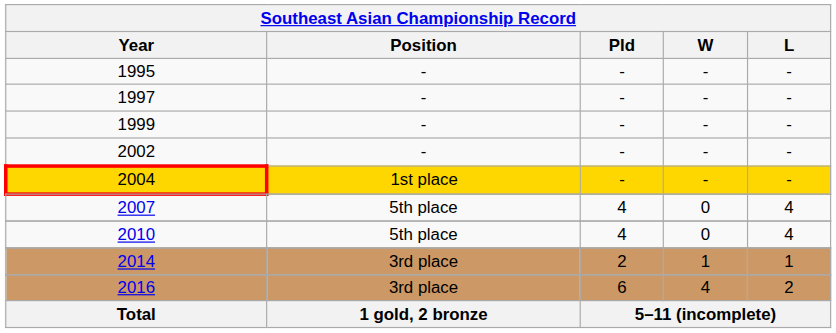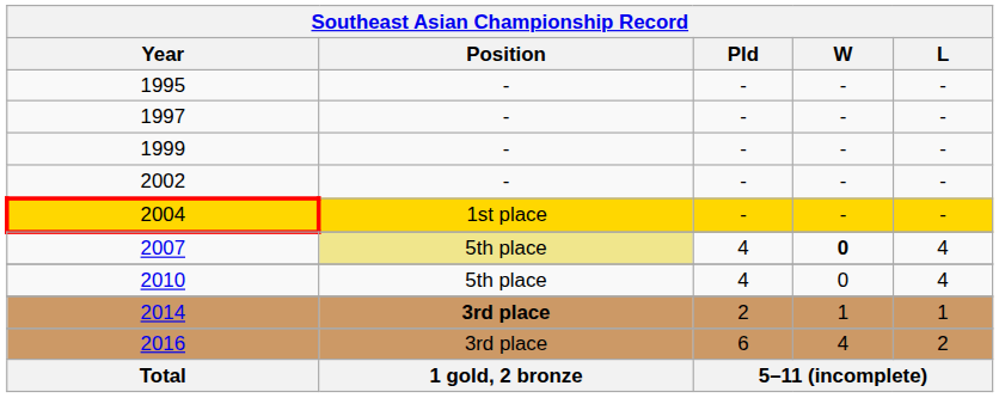 <table class="wikitable collapsible autocollapse" width=80% style="text-align: center;font-size:90%;">
 <tr>
 <th colspan=9><a href='#'>Southeast Asian Championship Record</a></th>
 </tr>
 <tr>
 <th width=25%>Year</th>
 <th width=30%>Position</th>
 <th width=8%>Pld</th>
 <th width=8%>W</th>
 <th width=8%>L</th>
 </tr>
 <tr>
 <td> 1995</td>
 <td>-</td>
 <td>-</td>
 <td>-</td>
 <td>-</td>
 </tr>
 <tr>
 <td> 1997</td>
 <td>-</td>
 <td>-</td>
 <td>-</td>
 <td>-</td>
 </tr>
 <tr>
 <td> 1999</td>
 <td>-</td>
 <td>-</td>
 <td>-</td>
 <td>-</td>
 </tr>
 <tr>
 <td> 2002</td>
 <td>-</td>
 <td>-</td>
 <td>-</td>
 <td>-</td>
 </tr>
 <tr bgcolor=gold>
 <td style="border: 3px solid red"> 2004</td>
 <td>1st place</td>
 <td>-</td>
 <td>-</td>
 <td>-</td>
 </tr>
 <tr>
 </tr>
 <tr>
 <td> <a href='#'>2007</a></td>
-<td>5th place</td>
+<td style="background: khaki;">5th place</td>
 <td>4</td>
-<td>0</td>
+<td><strong>0</strong></td>
 <td>4</td>
 </tr>
 <tr>
 </tr>
 <tr>
 <td> <a href='#'>2010</a></td>
 <td>5th place</td>
 <td>4</td>
 <td>0</td>
 <td>4</td>
 </tr>
 <tr>
 </tr>
 <tr bgcolor=CC9966>
 <td> <a href='#'>2014</a></td>
-<td>3rd place</td>
+<td><strong>3rd place</strong></td>
 <td>2</td>
 <td>1</td>
 <td>1</td>
 </tr>
 <tr>
 </tr>
 <tr bgcolor=CC9966>
 <td> <a href='#'>2016</a></td>
 <td>3rd place</td>
 <td>6</td>
 <td>4</td>
 <td>2</td>
 </tr>
 <tr>
 <th><strong>Total</strong></th>
 <th>1 gold, 2 bronze</th>
 <th colspan=3>5–11 (incomplete)</th>
 </tr>
 </table>
